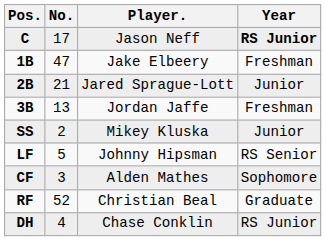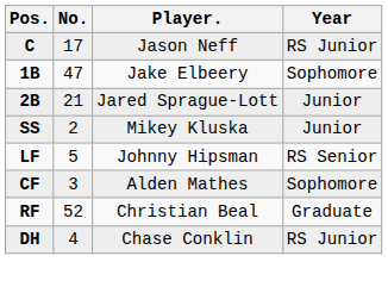 <table class="wikitable non-sortable">
 <tr>
 <th style="text-align:center; ">Pos.</th>
 <th style="text-align:center; ">No.</th>
 <th style="text-align:center; ">Player.</th>
 <th style="text-align:center; ">Year</th>
 </tr>
 <tr style="background:#eeeeee;text-align:center;">
 <td><strong>C</strong></td>
 <td>17</td>
 <td>Jason Neff</td>
-<td><strong>RS Junior</strong></td>
+<td>RS Junior</td>
 </tr>
 <tr style="text-align:center;">
 <td><strong>1B</strong></td>
 <td>47</td>
 <td>Jake Elbeery</td>
-<td>Freshman</td>
+<td>Sophomore</td>
 </tr>
 <tr style="background:#eeeeee;text-align:center;">
 <td><strong>2B</strong></td>
 <td>21</td>
 <td>Jared Sprague-Lott</td>
 <td>Junior</td>
-</tr>
-<tr style="text-align:center;">
-<td><strong>3B</strong></td>
-<td>13</td>
-<td>Jordan Jaffe</td>
-<td>Freshman</td>
 </tr>
 <tr style="background:#eeeeee;text-align:center;">
 <td><strong>SS</strong></td>
 <td>2</td>
 <td>Mikey Kluska</td>
 <td>Junior</td>
 </tr>
 <tr style="text-align:center;">
 <td><strong>LF</strong></td>
 <td>5</td>
 <td>Johnny Hipsman</td>
 <td>RS Senior</td>
 </tr>
 <tr style="background:#eeeeee;text-align:center;">
 <td><strong>CF</strong></td>
 <td>3</td>
 <td>Alden Mathes</td>
 <td>Sophomore</td>
 </tr>
 <tr style="text-align:center;">
 <td><strong>RF</strong></td>
 <td>52</td>
 <td>Christian Beal</td>
 <td>Graduate</td>
 </tr>
 <tr style="background:#eeeeee;text-align:center;">
 <td><strong>DH</strong></td>
 <td>4</td>
 <td>Chase Conklin</td>
 <td>RS Junior</td>
 </tr>
 </table>
